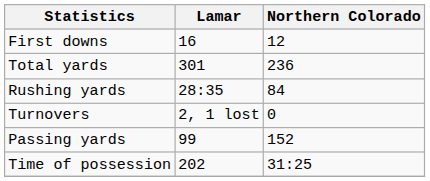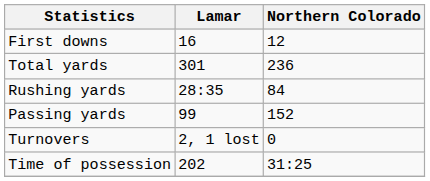 <table class="wikitable" style="float: left;">
 <tr>
 <th>Statistics</th>
 <th><strong>Lamar</strong></th>
 <th><strong>Northern Colorado</strong></th>
 </tr>
 <tr>
 <td>First downs</td>
 <td>16</td>
 <td>12</td>
 </tr>
 <tr>
 <td>Total yards</td>
 <td>301</td>
 <td>236</td>
 </tr>
 <tr>
 <td>Rushing yards</td>
 <td>28:35</td>
 <td>84</td>
 </tr>
 <tr>
+<td>Passing yards</td>
+<td>99</td>
+<td>152</td>
+</tr>
+<tr>
 <td>Turnovers</td>
 <td>2, 1 lost</td>
 <td>0</td>
-</tr>
-<tr>
-<td>Passing yards</td>
-<td>99</td>
-<td>152</td>
 </tr>
 <tr>
 <td>Time of possession</td>
 <td>202</td>
 <td>31:25</td>
 </tr>
 <tr>
 </tr>
 </table>
